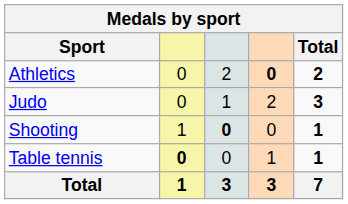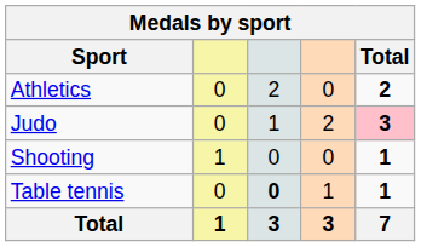 <table class="wikitable" style="font-size:90%; text-align:center;">
 <tr>
 <th colspan=5>Medals by sport</th>
 </tr>
 <tr>
 <th width=120>Sport</th>
 <th scope="col" width=30 style="background:#F7F6A8;"></th>
 <th scope="col" width=30 style="background:#DCE5E5;"></th>
 <th scope="col" width=30 style="background:#FFDAB9;"></th>
 <th width=30>Total</th>
 </tr>
 <tr>
 <td align=left><a href='#'>Athletics</a></td>
 <td style="background:#F7F6A8;">0</td>
 <td style="background:#DCE5E5;">2</td>
-<td style="background:#FFDAB9;"><strong>0</strong></td>
+<td style="background:#FFDAB9;">0</td>
 <td><strong>2</strong></td>
 </tr>
 <tr>
 <td align=left><a href='#'>Judo</a></td>
 <td style="background:#F7F6A8;">0</td>
 <td style="background:#DCE5E5;">1</td>
 <td style="background:#FFDAB9;">2</td>
-<td><strong>3</strong></td>
+<td style="background: pink;"><strong>3</strong></td>
 </tr>
 <tr>
 <td align=left><a href='#'>Shooting</a></td>
 <td style="background:#F7F6A8;">1</td>
-<td style="background:#DCE5E5;"><strong>0</strong></td>
+<td style="background:#DCE5E5;">0</td>
 <td style="background:#FFDAB9;">0</td>
 <td><strong>1</strong></td>
 </tr>
 <tr>
 <td align=left><a href='#'>Table tennis</a></td>
-<td style="background:#F7F6A8;"><strong>0</strong></td>
-<td style="background:#DCE5E5;">0</td>
+<td style="background:#F7F6A8;">0</td>
+<td style="background:#DCE5E5;"><strong>0</strong></td>
 <td style="background:#FFDAB9;">1</td>
 <td><strong>1</strong></td>
 </tr>
 <tr>
 <th align=left>Total</th>
 <th style="background:#F7F6A8;">1</th>
 <th style="background:#DCE5E5;">3</th>
 <th style="background:#FFDAB9;">3</th>
 <th><strong>7</strong></th>
 </tr>
 </table>
